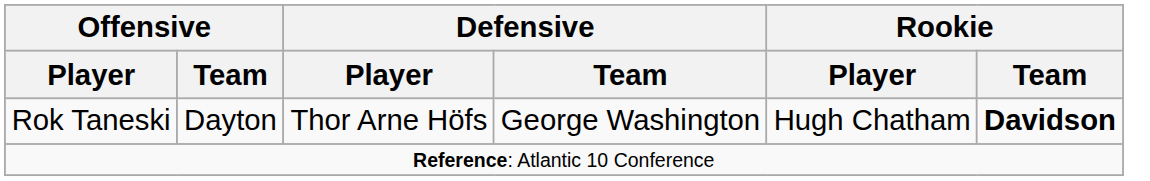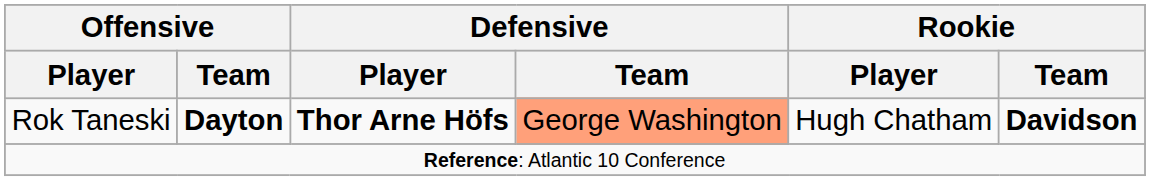 <table class="wikitable">
 <tr>
 <th colspan="2">Offensive</th>
 <th colspan="2">Defensive</th>
 <th colspan="2">Rookie</th>
 </tr>
 <tr>
 <th>Player</th>
 <th>Team</th>
 <th>Player</th>
 <th>Team</th>
 <th>Player</th>
 <th>Team</th>
 </tr>
 <tr>
 <td>Rok Taneski</td>
-<td>Dayton</td>
-<td>Thor Arne Höfs</td>
-<td>George Washington</td>
+<td><strong>Dayton</strong></td>
+<td><strong>Thor Arne Höfs</strong></td>
+<td style="background: lightsalmon;">George Washington</td>
 <td>Hugh Chatham</td>
 <td><strong>Davidson</strong></td>
 </tr>
 <tr>
 <td colspan="12"  style="font-size:8pt; text-align:center;"><strong>Reference</strong>: Atlantic 10 Conference</td>
 </tr>
 </table>
